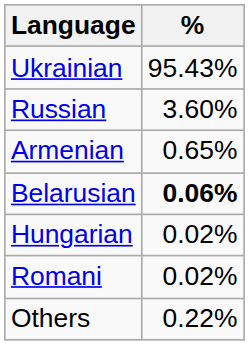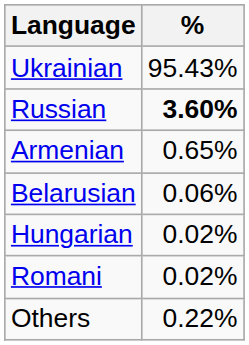 <table class="wikitable">
 <tr>
 <th>Language</th>
 <th>%</th>
 </tr>
 <tr>
 <td><a href='#'>Ukrainian</a></td>
 <td align="right">95.43%</td>
 </tr>
 <tr>
 <td><a href='#'>Russian</a></td>
-<td align="right">3.60%</td>
+<td align="right"><strong>3.60%</strong></td>
 </tr>
 <tr>
 <td><a href='#'>Armenian</a></td>
 <td align="right">0.65%</td>
 </tr>
 <tr>
 <td><a href='#'>Belarusian</a></td>
-<td align="right"><strong>0.06%</strong></td>
+<td align="right">0.06%</td>
 </tr>
 <tr>
 <td><a href='#'>Hungarian</a></td>
 <td align="right">0.02%</td>
 </tr>
 <tr>
 <td><a href='#'>Romani</a></td>
 <td align="right">0.02%</td>
 </tr>
 <tr>
 <td>Others</td>
 <td align="right">0.22%</td>
 </tr>
 </table>
